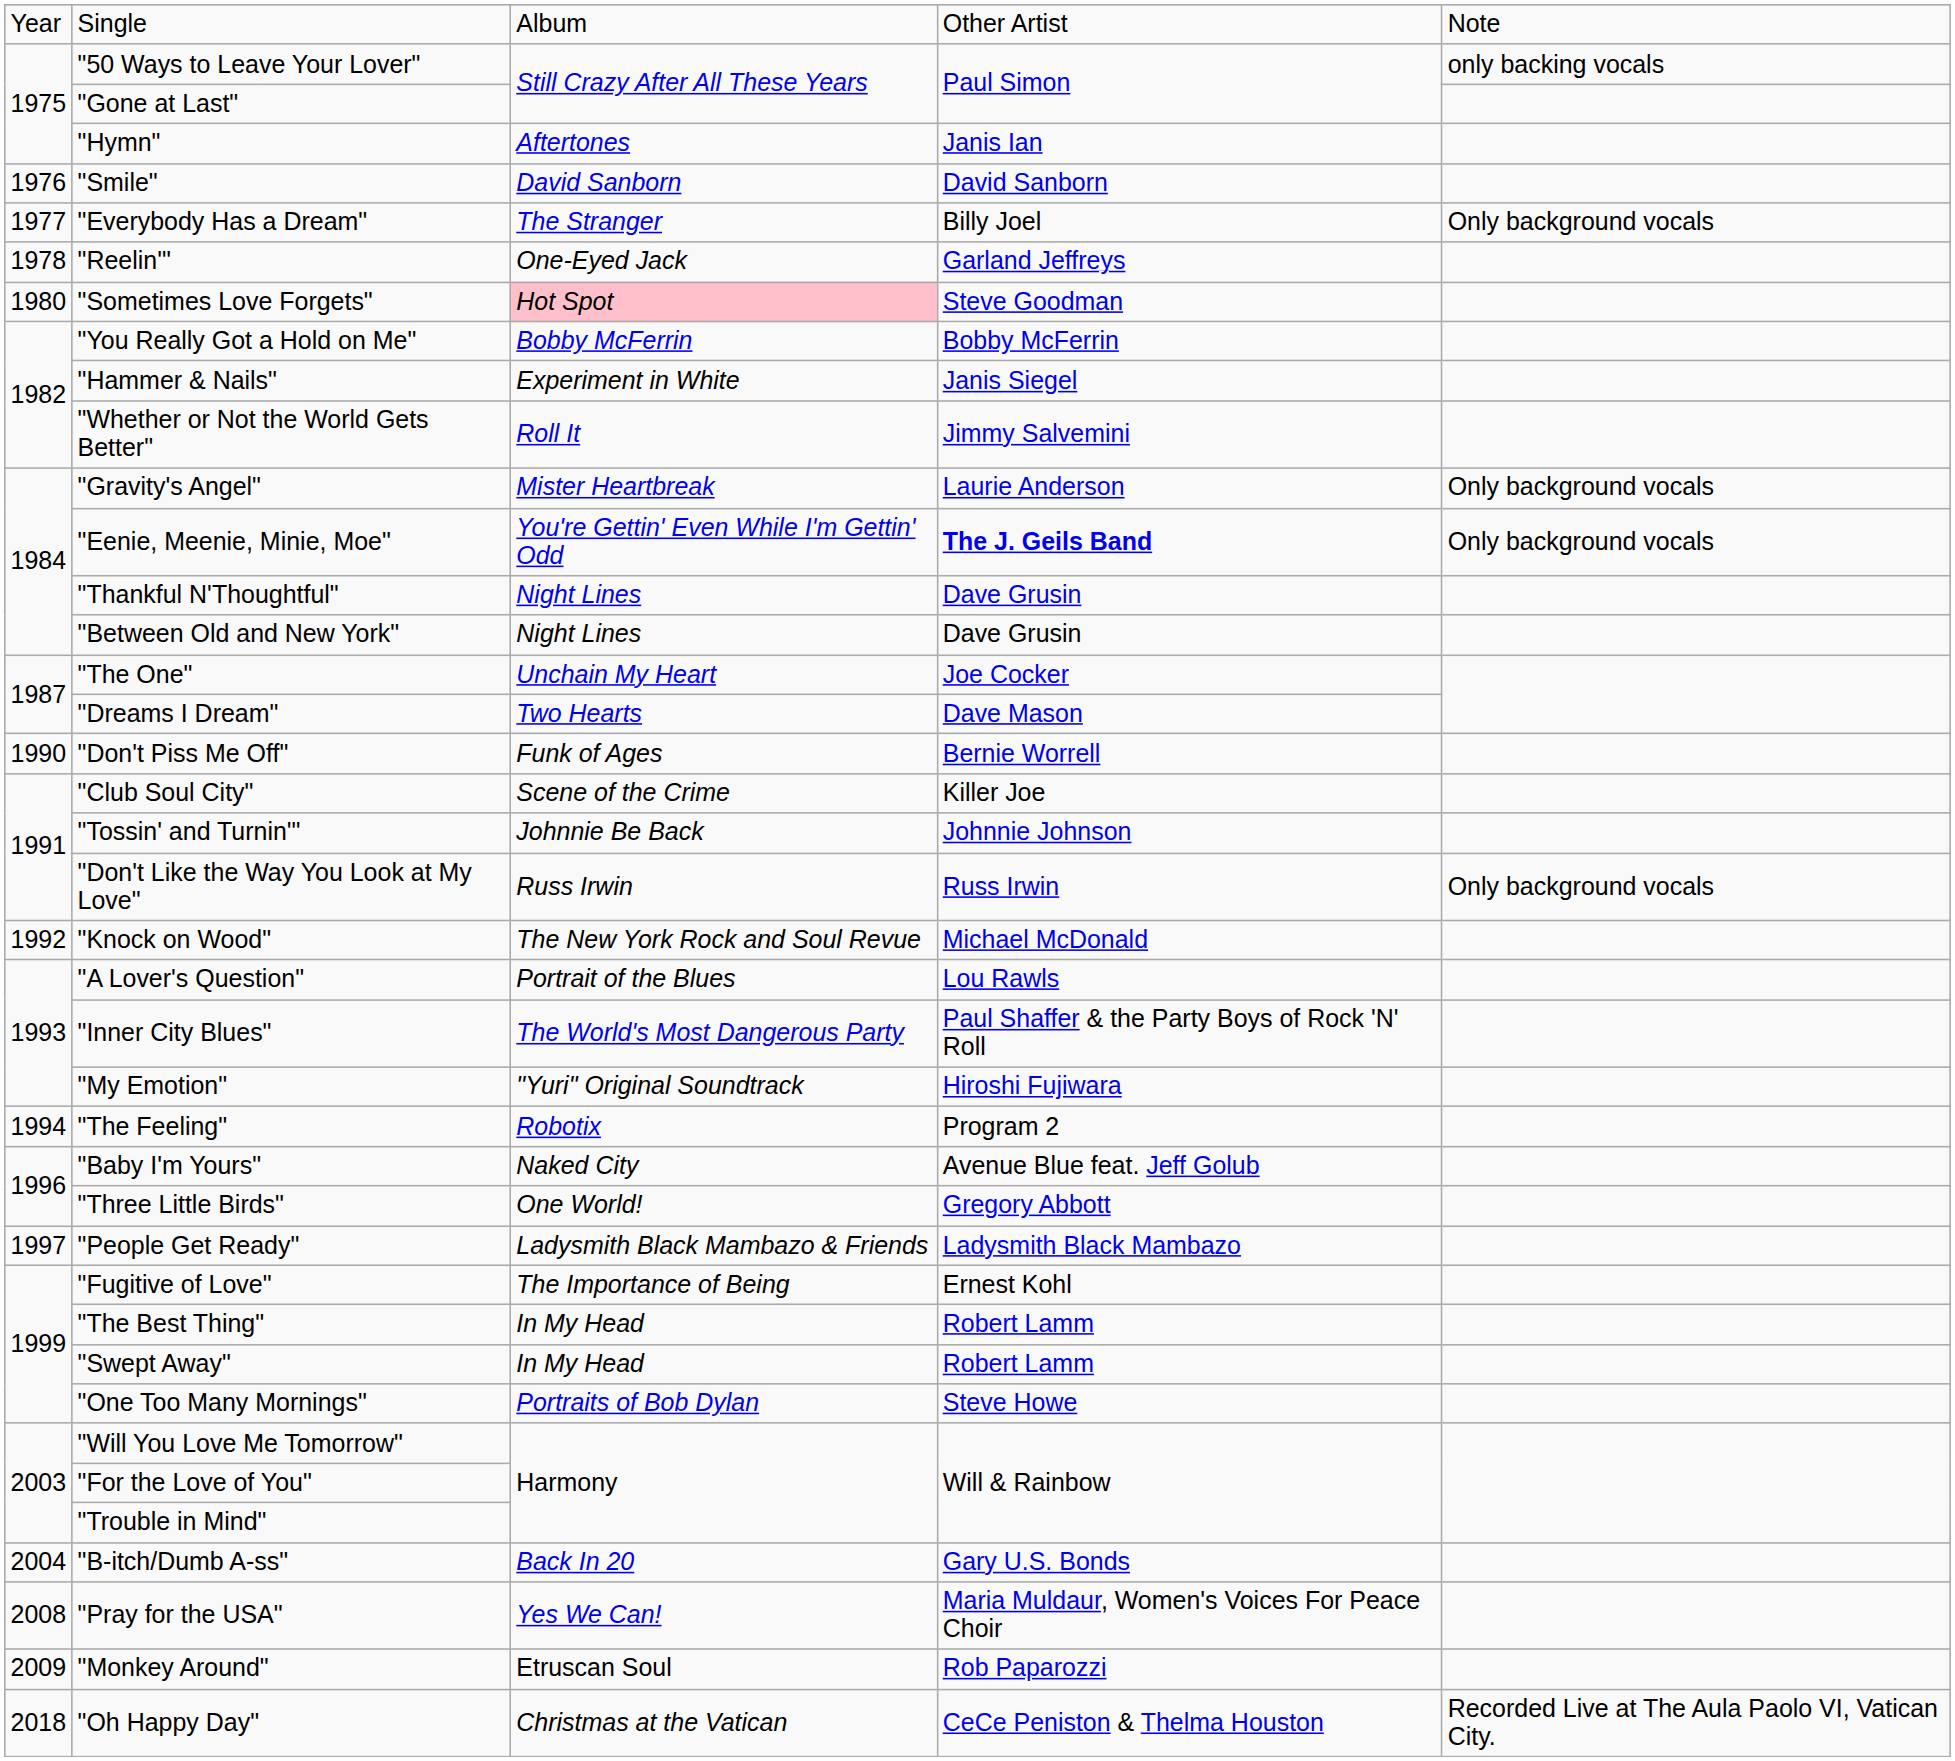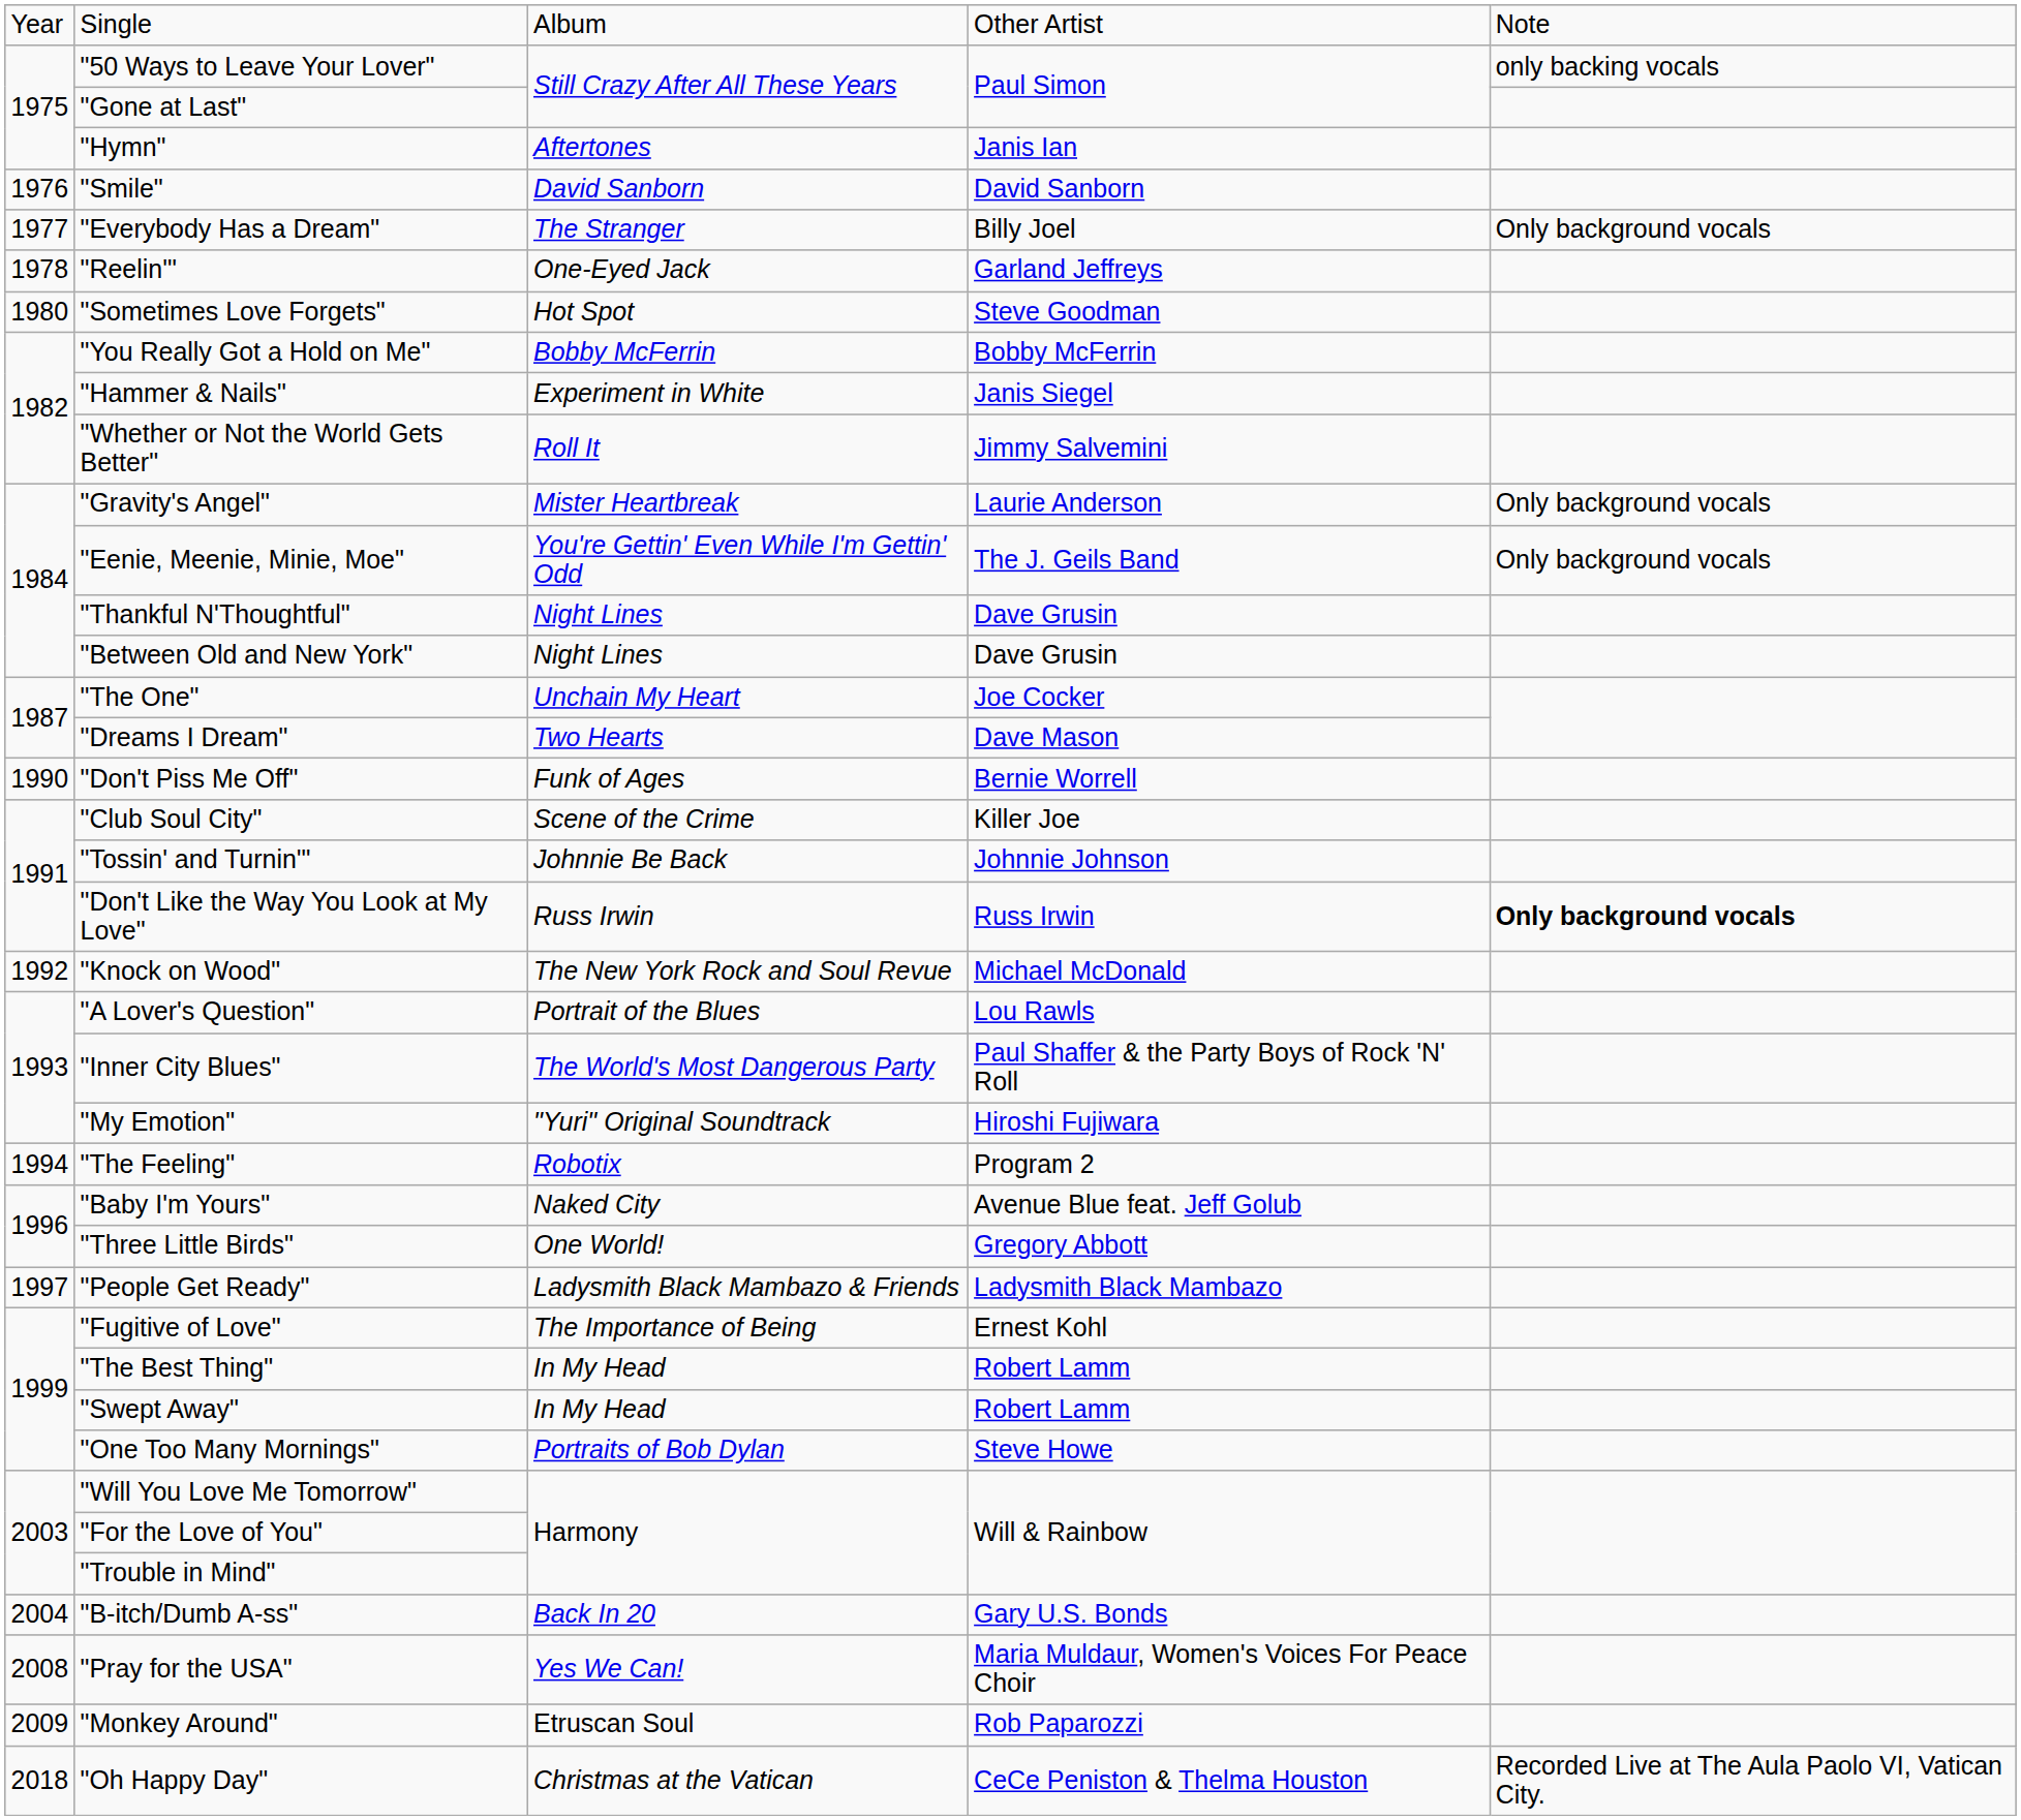 <table class="wikitable" style="text-align:left;">
 <tr>
 <td>Year</td>
 <td>Single</td>
 <td>Album</td>
 <td>Other Artist</td>
 <td>Note</td>
 </tr>
 <tr>
 <td rowspan="3">1975</td>
 <td>"50 Ways to Leave Your Lover"</td>
 <td rowspan="2"><em><a href='#'>Still Crazy After All These Years</a></em></td>
 <td rowspan="2"><a href='#'>Paul Simon</a></td>
 <td>only backing vocals</td>
 </tr>
 <tr>
 <td>"Gone at Last"</td>
 <td></td>
 </tr>
 <tr>
 <td>"Hymn"</td>
 <td><em><a href='#'>Aftertones</a></em></td>
 <td><a href='#'>Janis Ian</a></td>
 <td></td>
 </tr>
 <tr>
 <td>1976</td>
 <td>"Smile"</td>
 <td><em><a href='#'>David Sanborn</a></em></td>
 <td><a href='#'>David Sanborn</a></td>
 <td></td>
 </tr>
 <tr>
 <td>1977</td>
 <td>"Everybody Has a Dream"</td>
 <td><em><a href='#'>The Stranger</a></em></td>
 <td>Billy Joel</td>
 <td>Only background vocals</td>
 </tr>
 <tr>
 <td>1978</td>
 <td>"Reelin'"</td>
 <td><em>One-Eyed Jack</em></td>
 <td><a href='#'>Garland Jeffreys</a></td>
 <td></td>
 </tr>
 <tr>
 <td>1980</td>
 <td>"Sometimes Love Forgets"</td>
-<td style="background: pink;"><em>Hot Spot</em></td>
+<td><em>Hot Spot</em></td>
 <td><a href='#'>Steve Goodman</a></td>
 <td></td>
 </tr>
 <tr>
 <td rowspan="3">1982</td>
 <td>"You Really Got a Hold on Me"</td>
 <td><em><a href='#'>Bobby McFerrin</a></em></td>
 <td><a href='#'>Bobby McFerrin</a></td>
 <td></td>
 </tr>
 <tr>
 <td>"Hammer & Nails"</td>
 <td><em>Experiment in White</em></td>
 <td><a href='#'>Janis Siegel</a></td>
 <td></td>
 </tr>
 <tr>
 <td>"Whether or Not the World Gets Better"</td>
 <td><em><a href='#'>Roll It</a></em></td>
 <td><a href='#'>Jimmy Salvemini</a></td>
 <td></td>
 </tr>
 <tr>
 <td rowspan="4">1984</td>
 <td>"Gravity's Angel"</td>
 <td><em><a href='#'>Mister Heartbreak</a></em></td>
 <td><a href='#'>Laurie Anderson</a></td>
 <td>Only background vocals</td>
 </tr>
 <tr>
 <td>"Eenie, Meenie, Minie, Moe"</td>
 <td><em><a href='#'>You're Gettin' Even While I'm Gettin' Odd</a></em></td>
-<td><strong><a href='#'>The J. Geils Band</a></strong></td>
+<td><a href='#'>The J. Geils Band</a></td>
 <td>Only background vocals</td>
 </tr>
 <tr>
 <td>"Thankful N'Thoughtful"</td>
 <td><em><a href='#'>Night Lines</a></em></td>
 <td><a href='#'>Dave Grusin</a></td>
 <td></td>
 </tr>
 <tr>
 <td>"Between Old and New York"</td>
 <td><em>Night Lines</em></td>
 <td>Dave Grusin</td>
 <td></td>
 </tr>
 <tr>
 <td rowspan="2">1987</td>
 <td>"The One"</td>
 <td><em><a href='#'>Unchain My Heart</a></em></td>
 <td><a href='#'>Joe Cocker</a></td>
 </tr>
 <tr>
 <td>"Dreams I Dream"</td>
 <td><em><a href='#'>Two Hearts</a></em></td>
 <td><a href='#'>Dave Mason</a></td>
 </tr>
 <tr>
 <td>1990</td>
 <td>"Don't Piss Me Off"</td>
 <td><em>Funk of Ages</em></td>
 <td><a href='#'>Bernie Worrell</a></td>
 <td></td>
 </tr>
 <tr>
 <td rowspan="3">1991</td>
 <td>"Club Soul City"</td>
 <td><em>Scene of the Crime</em></td>
 <td>Killer Joe</td>
 </tr>
 <tr>
 <td>"Tossin' and Turnin'"</td>
 <td><em>Johnnie Be Back</em></td>
 <td><a href='#'>Johnnie Johnson</a></td>
 <td></td>
 </tr>
 <tr>
 <td>"Don't Like the Way You Look at My Love"</td>
 <td><em>Russ Irwin</em></td>
 <td><a href='#'>Russ Irwin</a></td>
-<td>Only background vocals</td>
+<td><strong>Only background vocals</strong></td>
 </tr>
 <tr>
 <td>1992</td>
 <td>"Knock on Wood"</td>
 <td><em>The New York Rock and Soul Revue</em></td>
 <td><a href='#'>Michael McDonald</a></td>
 </tr>
 <tr>
 <td rowspan="3">1993</td>
 <td>"A Lover's Question"</td>
 <td><em>Portrait of the Blues</em></td>
 <td><a href='#'>Lou Rawls</a></td>
 <td></td>
 </tr>
 <tr>
 <td>"Inner City Blues"</td>
 <td><em><a href='#'>The World's Most Dangerous Party</a></em></td>
 <td><a href='#'>Paul Shaffer</a> & the Party Boys of Rock 'N' Roll</td>
 <td></td>
 </tr>
 <tr>
 <td>"My Emotion"</td>
 <td><em>"Yuri" Original Soundtrack</em></td>
 <td><a href='#'>Hiroshi Fujiwara</a></td>
 <td></td>
 </tr>
 <tr>
 <td>1994</td>
 <td>"The Feeling"</td>
 <td><em><a href='#'>Robotix</a></em></td>
 <td>Program 2</td>
 <td></td>
 </tr>
 <tr>
 <td rowspan="2">1996</td>
 <td>"Baby I'm Yours"</td>
 <td><em>Naked City</em></td>
 <td>Avenue Blue feat. <a href='#'>Jeff Golub</a></td>
 </tr>
 <tr>
 <td>"Three Little Birds"</td>
 <td><em>One World!</em></td>
 <td><a href='#'>Gregory Abbott</a></td>
 <td></td>
 </tr>
 <tr>
 <td>1997</td>
 <td>"People Get Ready"</td>
 <td><em>Ladysmith Black Mambazo & Friends</em></td>
 <td><a href='#'>Ladysmith Black Mambazo</a></td>
 <td></td>
 </tr>
 <tr>
 <td rowspan="4">1999</td>
 <td>"Fugitive of Love"</td>
 <td><em>The Importance of Being</em></td>
 <td>Ernest Kohl</td>
 <td></td>
 </tr>
 <tr>
 <td>"The Best Thing"</td>
 <td><em>In My Head</em></td>
 <td><a href='#'>Robert Lamm</a></td>
 <td></td>
 </tr>
 <tr>
 <td>"Swept Away"</td>
 <td><em>In My Head</em></td>
 <td><a href='#'>Robert Lamm</a></td>
 <td></td>
 </tr>
 <tr>
 <td>"One Too Many Mornings"</td>
 <td><em><a href='#'>Portraits of Bob Dylan</a></em></td>
 <td><a href='#'>Steve Howe</a></td>
 <td></td>
 </tr>
 <tr>
 <td rowspan="3">2003</td>
 <td>"Will You Love Me Tomorrow"</td>
 <td rowspan="3">Harmony</td>
 <td rowspan="3">Will & Rainbow</td>
 <td rowspan="3"></td>
 </tr>
 <tr>
 <td>"For the Love of You"</td>
 </tr>
 <tr>
 <td>"Trouble in Mind"</td>
 </tr>
 <tr>
 <td>2004</td>
 <td>"B-itch/Dumb A-ss"</td>
 <td><em><a href='#'>Back In 20</a></em></td>
 <td><a href='#'>Gary U.S. Bonds</a></td>
 <td></td>
 </tr>
 <tr>
 <td>2008</td>
 <td>"Pray for the USA"</td>
 <td><em><a href='#'>Yes We Can!</a></em></td>
 <td><a href='#'>Maria Muldaur</a>, Women's Voices For Peace Choir</td>
 <td></td>
 </tr>
 <tr>
 <td>2009</td>
 <td>"Monkey Around"</td>
 <td>Etruscan Soul</td>
 <td><a href='#'>Rob Paparozzi</a></td>
 <td></td>
 </tr>
 <tr>
 <td>2018</td>
 <td>"Oh Happy Day"</td>
 <td><em>Christmas at the Vatican</em></td>
 <td><a href='#'>CeCe Peniston</a> & <a href='#'>Thelma Houston</a></td>
 <td>Recorded Live at The Aula Paolo VI, Vatican City.</td>
 </tr>
 </table>
